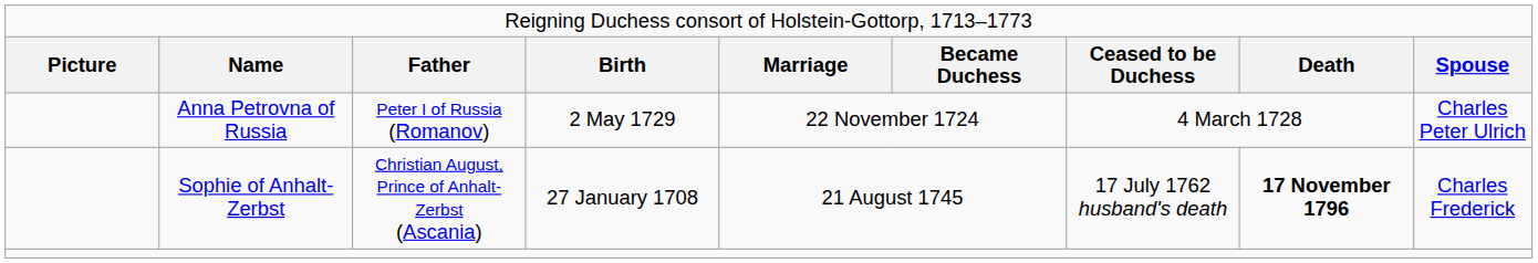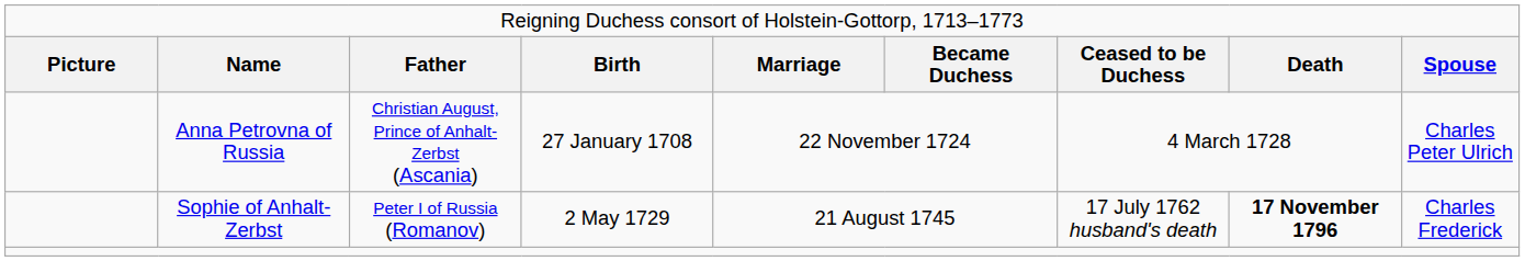 <table width=95% class="wikitable">
 <tr>
 <td align="center" colspan="9">Reigning Duchess consort of Holstein-Gottorp, 1713–1773</td>
 </tr>
 <tr>
 <th width = "8%">Picture</th>
 <th width = "10%">Name</th>
 <th width = "9%">Father</th>
 <th width = "10%">Birth</th>
 <th width = "9%">Marriage</th>
 <th width = "9%">Became Duchess</th>
 <th width = "9%">Ceased to be Duchess</th>
 <th width = "9%">Death</th>
 <th width = "6%"><a href='#'>Spouse</a></th>
 </tr>
 <tr>
 <td align="center"></td>
 <td align="center"><a href='#'>Anna Petrovna of Russia</a></td>
-<td align="center"><small><a href='#'>Peter I of Russia</a></small> <br>(<a href='#'>Romanov</a>)</td>
-<td align="center">2 May 1729</td>
+<td align="center"><small><a href='#'>Christian August, Prince of Anhalt-Zerbst</a></small> <br>(<a href='#'>Ascania</a>)</td>
+<td align="center">27 January 1708</td>
 <td align="center" colspan="2">22 November 1724</td>
 <td align="center" colspan="2">4 March 1728</td>
 <td align="center"><a href='#'>Charles Peter Ulrich</a></td>
 </tr>
 <tr>
 <td align="center"></td>
 <td align="center"><a href='#'>Sophie of Anhalt-Zerbst</a><br></td>
-<td align="center"><small><a href='#'>Christian August, Prince of Anhalt-Zerbst</a></small> <br>(<a href='#'>Ascania</a>)</td>
-<td align="center">27 January 1708</td>
+<td align="center"><small><a href='#'>Peter I of Russia</a></small> <br>(<a href='#'>Romanov</a>)</td>
+<td align="center">2 May 1729</td>
 <td align="center" colspan="2">21 August 1745</td>
 <td align="center">17 July 1762<br><em>husband's death</em></td>
 <td align="center"><strong>17 November 1796</strong></td>
 <td align="center"><a href='#'>Charles Frederick</a></td>
 </tr>
 <tr>
 <td align="center" colspan="9"></td>
 </tr>
 </table>
